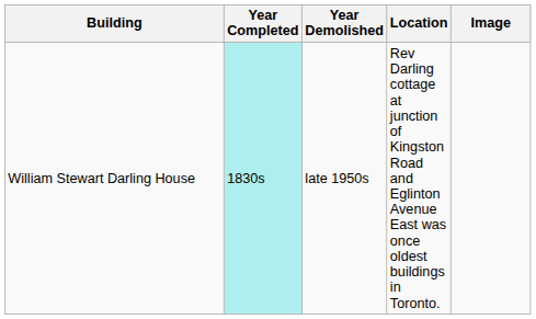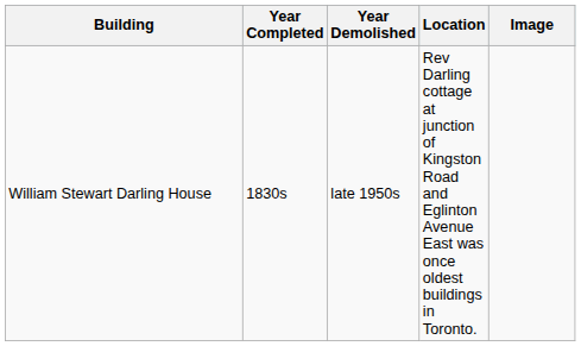 <table class="wikitable sortable">
 <tr style="background:lightblue;">
 <th style="width:20em">Building</th>
 <th style="width:5em">Year<br>Completed</th>
 <th style="width:5em">Year<br> Demolished</th>
 <th>Location</th>
 <th style="width:100px">Image</th>
 </tr>
 <tr>
 <td>William Stewart Darling House</td>
-<td style="background: paleturquoise;">1830s</td>
+<td>1830s</td>
 <td>late 1950s</td>
 <td>Rev Darling cottage at junction of Kingston Road and Eglinton Avenue East was once oldest buildings in Toronto.</td>
 </tr>
 </table>
